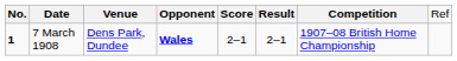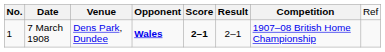 <table class="wikitable sortable">
 <tr>
 <th>No.</th>
 <th>Date</th>
 <th>Venue</th>
 <th>Opponent</th>
 <th>Score</th>
 <th>Result</th>
 <th>Competition</th>
 <td>Ref</td>
 </tr>
 <tr>
-<td><strong>1</strong></td>
+<td>1</td>
 <td>7 March 1908</td>
 <td><a href='#'>Dens Park</a>, <a href='#'>Dundee</a></td>
 <td><strong><a href='#'>Wales</a></strong></td>
-<td align=center>2–1</td>
+<td align=center><strong>2–1</strong></td>
 <td align=center>2–1</td>
 <td><a href='#'>1907–08 British Home Championship</a></td>
 <td></td>
 </tr>
 </table>
